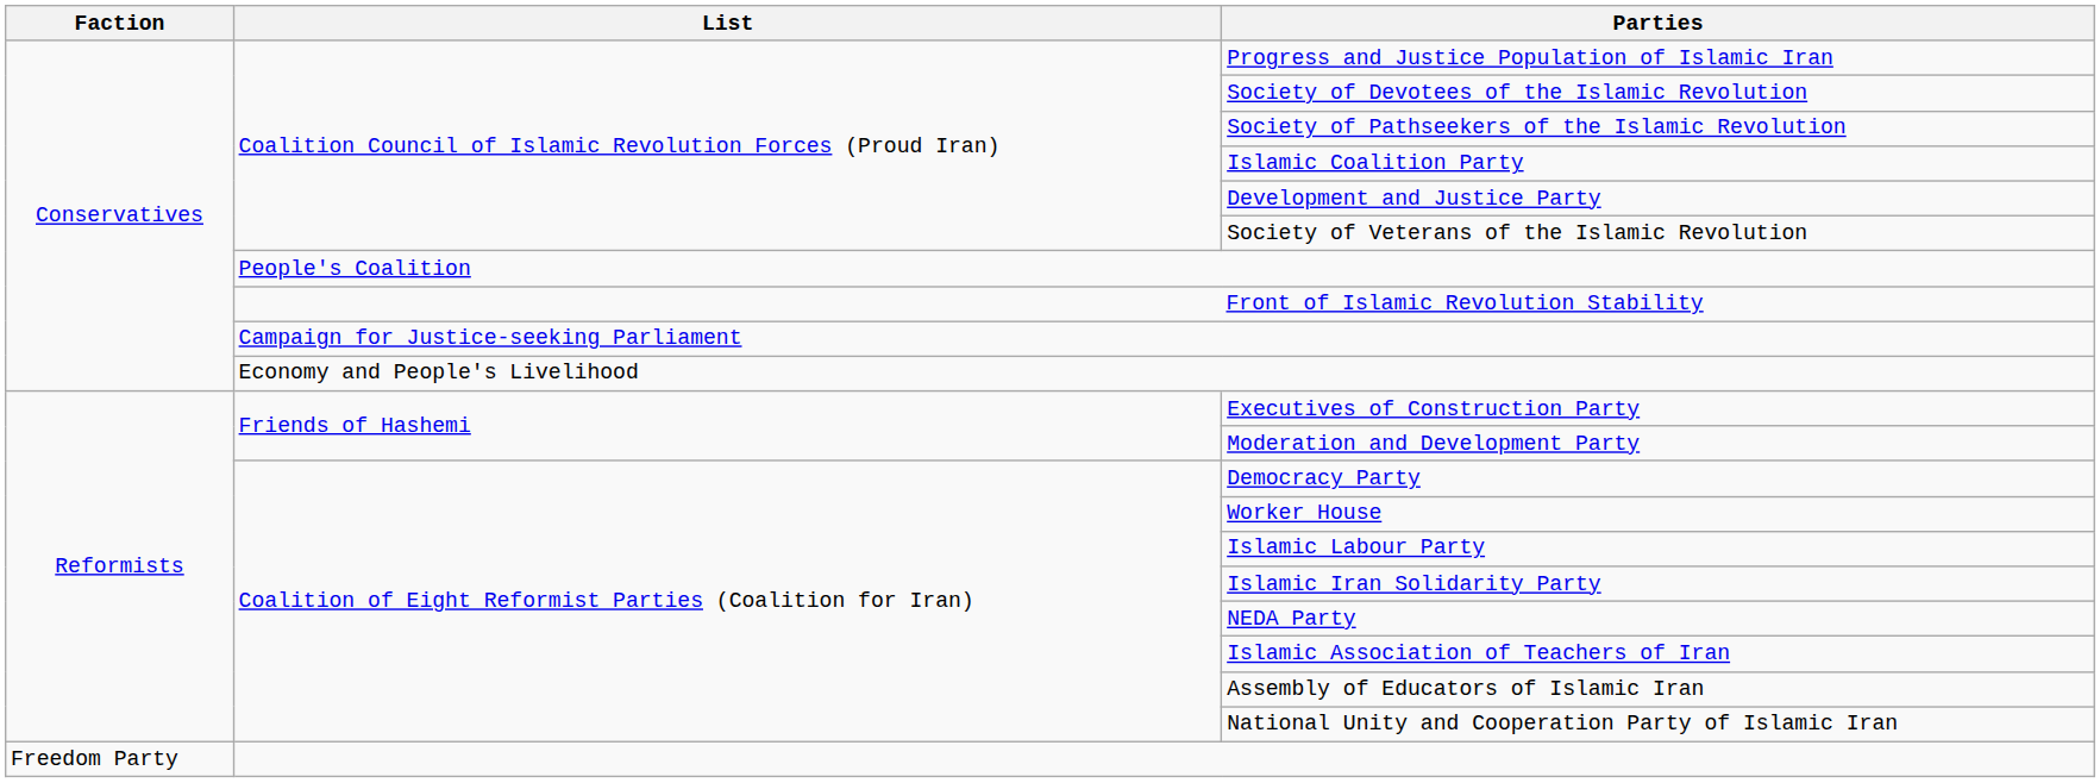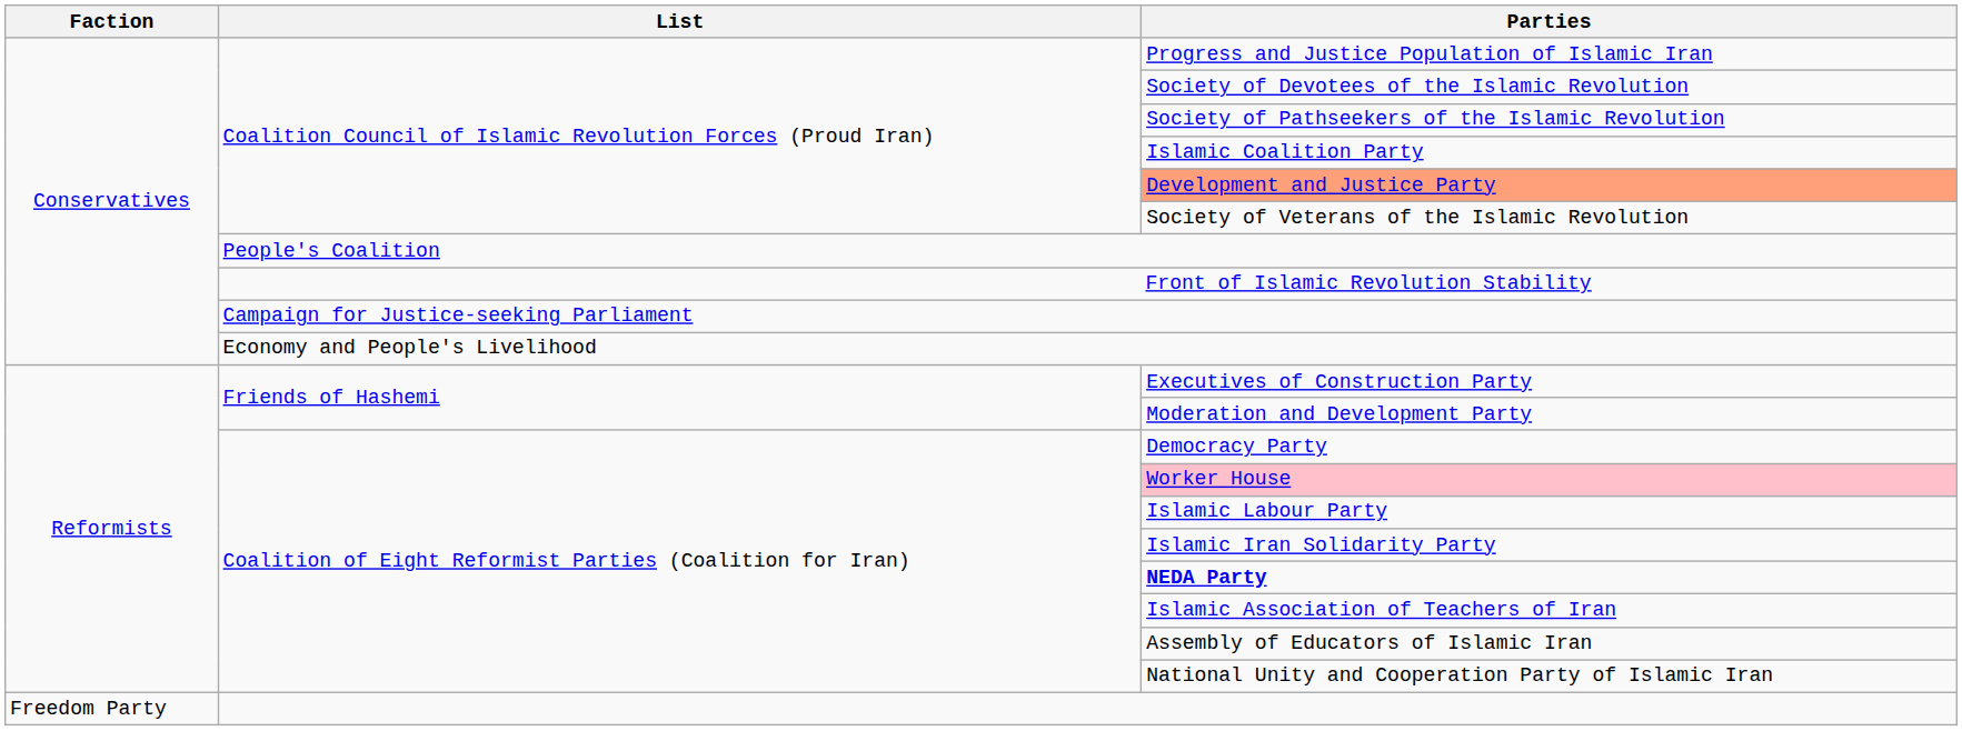 <table class="wikitable" style="margin:auto; width:100%;">
 <tr>
 <th>Faction</th>
 <th>List</th>
 <th>Parties</th>
 </tr>
 <tr>
 <td rowspan="10" align=center><a href='#'>Conservatives</a></td>
 <td rowspan="6"><a href='#'>Coalition Council of Islamic Revolution Forces</a> (Proud Iran)</td>
 <td><a href='#'>Progress and Justice Population of Islamic Iran</a></td>
 </tr>
 <tr>
 <td><a href='#'>Society of Devotees of the Islamic Revolution</a></td>
 </tr>
 <tr>
 <td><a href='#'>Society of Pathseekers of the Islamic Revolution</a></td>
 </tr>
 <tr>
 <td><a href='#'>Islamic Coalition Party</a></td>
 </tr>
 <tr>
-<td><a href='#'>Development and Justice Party</a></td>
+<td style="background: lightsalmon;"><a href='#'>Development and Justice Party</a></td>
 </tr>
 <tr>
 <td>Society of Veterans of the Islamic Revolution</td>
 </tr>
 <tr>
 <td style="border-right-style:hidden"><a href='#'>People's Coalition</a></td>
 <td></td>
 </tr>
 <tr>
 <td style="border-right-style:hidden"></td>
 <td><a href='#'>Front of Islamic Revolution Stability</a></td>
 </tr>
 <tr>
 <td style="border-right-style:hidden"><a href='#'>Campaign for Justice-seeking Parliament</a></td>
 <td></td>
 </tr>
 <tr>
 <td style="border-right-style:hidden">Economy and People's Livelihood</td>
 <td></td>
 </tr>
 <tr>
 <td rowspan="10" align=center><a href='#'>Reformists</a></td>
 <td rowspan="2"><a href='#'>Friends of Hashemi</a></td>
 <td><a href='#'>Executives of Construction Party</a></td>
 </tr>
 <tr>
 <td><a href='#'>Moderation and Development Party</a></td>
 </tr>
 <tr>
 <td rowspan="8"><a href='#'>Coalition of Eight Reformist Parties</a> (Coalition for Iran)</td>
 <td><a href='#'>Democracy Party</a></td>
 </tr>
 <tr>
-<td><a href='#'>Worker House</a></td>
+<td style="background: pink;"><a href='#'>Worker House</a></td>
 </tr>
 <tr>
 <td><a href='#'>Islamic Labour Party</a></td>
 </tr>
 <tr>
 <td><a href='#'>Islamic Iran Solidarity Party</a></td>
 </tr>
 <tr>
-<td><a href='#'>NEDA Party</a></td>
+<td><strong><a href='#'>NEDA Party</a></strong></td>
 </tr>
 <tr>
 <td><a href='#'>Islamic Association of Teachers of Iran</a></td>
 </tr>
 <tr>
 <td>Assembly of Educators of Islamic Iran</td>
 </tr>
 <tr>
 <td>National Unity and Cooperation Party of Islamic Iran</td>
 </tr>
 <tr>
 <td>Freedom Party</td>
 </tr>
 </table>
